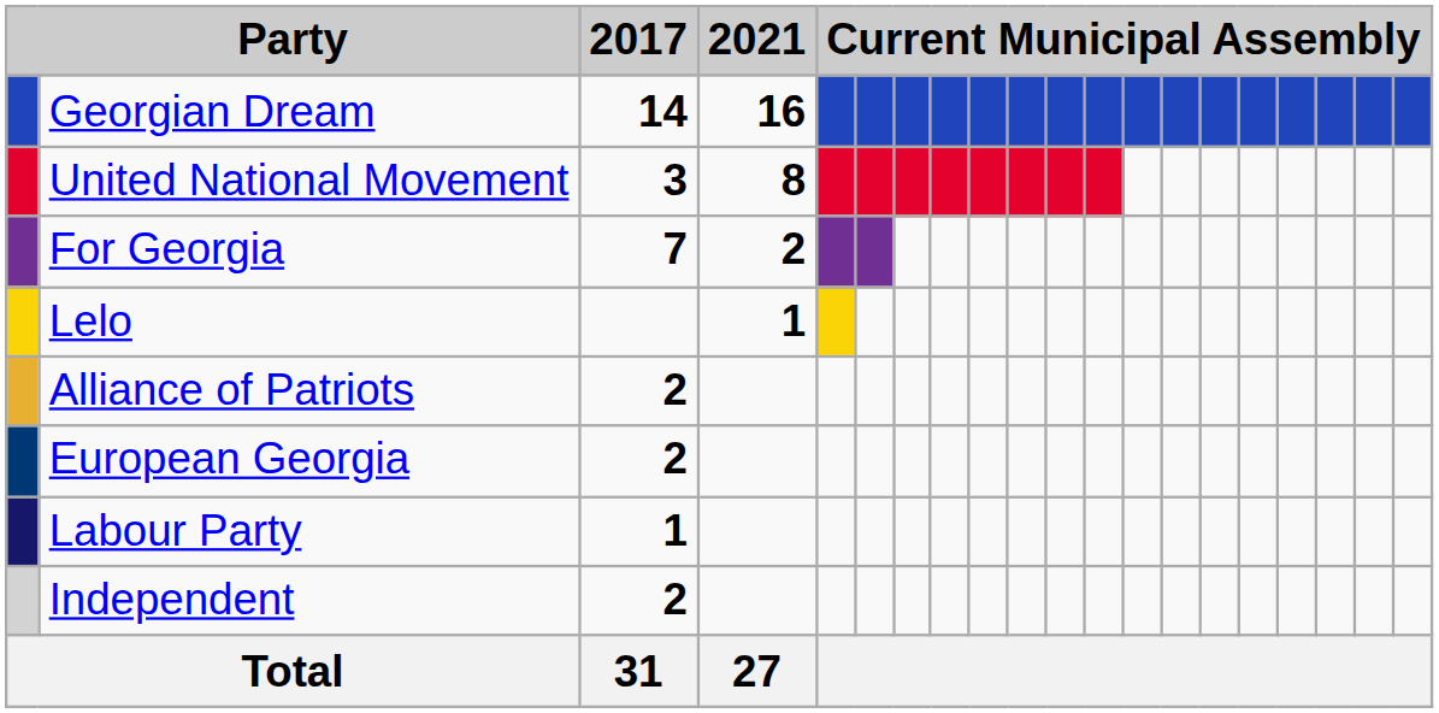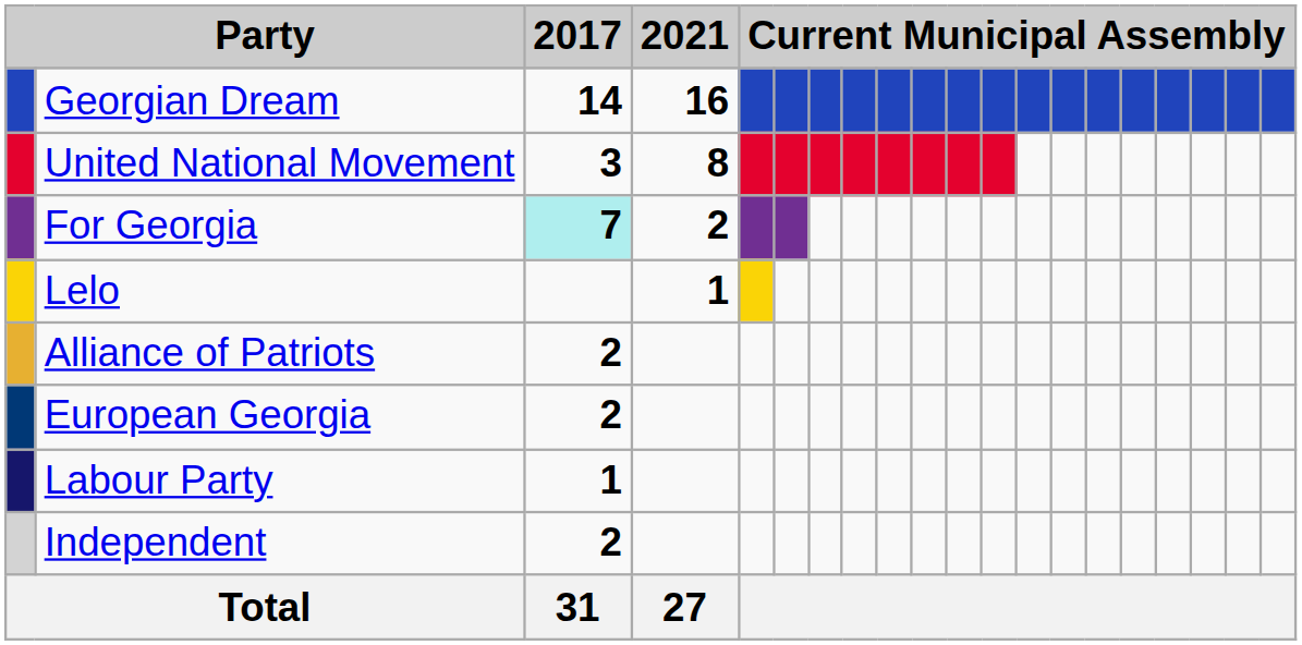 <table class="wikitable">
 <tr>
 <th colspan="2" style="background:#ccc">Party</th>
 <th style="background:#ccc">2017</th>
 <th style="background:#ccc">2021</th>
 <th colspan="19" style="background:#ccc">Current Municipal Assembly</th>
 </tr>
 <tr>
 <td style="background-color: #2044bc  "> </td>
 <td><a href='#'>Georgian Dream</a></td>
 <td style="text-align: right"><strong>14</strong></td>
 <td style="text-align: right"><strong>16</strong></td>
 <td style="background-color: #2044bc "></td>
 <td style="background-color: #2044bc "> </td>
 <td style="background-color: #2044bc "> </td>
 <td style="background-color: #2044bc "> </td>
 <td style="background-color: #2044bc "> </td>
 <td style="background-color: #2044bc "> </td>
 <td style="background-color: #2044bc "> </td>
 <td style="background-color: #2044bc "> </td>
 <td style="background-color: #2044bc "> </td>
 <td style="background-color: #2044bc "> </td>
 <td style="background-color: #2044bc "> </td>
 <td style="background-color: #2044bc "> </td>
 <td style="background-color: #2044bc "> </td>
 <td style="background-color: #2044bc "> </td>
 <td style="background-color: #2044bc "> </td>
 <td style="background-color: #2044bc "> </td>
 </tr>
 <tr>
 <td style="background-color: #e4012e  "> </td>
 <td><a href='#'>United National Movement</a></td>
 <td style="text-align: right"><strong>3</strong></td>
 <td style="text-align: right"><strong>8</strong></td>
 <td style="background-color: #e4012e "> </td>
 <td style="background-color: #e4012e "> </td>
 <td style="background-color: #e4012e "> </td>
 <td style="background-color: #e4012e "> </td>
 <td style="background-color: #e4012e "> </td>
 <td style="background-color: #e4012e "> </td>
 <td style="background-color: #e4012e "> </td>
 <td style="background-color: #e4012e "> </td>
 <td></td>
 <td></td>
 <td></td>
 <td></td>
 <td></td>
 <td></td>
 <td></td>
 <td></td>
 </tr>
 <tr>
 <td style="background-color: #702F92  "> </td>
 <td><a href='#'>For Georgia</a></td>
-<td style="text-align: right"><strong>7</strong></td>
+<td style="background: paleturquoise; text-align: right"><strong>7</strong></td>
 <td style="text-align: right"><strong>2</strong></td>
 <td style="background-color: #702f92 "> </td>
 <td style="background-color: #702f92 "> </td>
 <td></td>
 <td></td>
 <td></td>
 <td></td>
 <td></td>
 <td></td>
 <td></td>
 <td></td>
 <td></td>
 <td></td>
 <td></td>
 <td></td>
 <td></td>
 <td></td>
 </tr>
 <tr>
 <td style="background-color: #fad406 "> </td>
 <td><a href='#'>Lelo</a></td>
 <td></td>
 <td style="text-align: right"><strong>1</strong></td>
 <td style="background-color: #fad406 "> </td>
 <td></td>
 <td></td>
 <td></td>
 <td></td>
 <td></td>
 <td></td>
 <td></td>
 <td></td>
 <td></td>
 <td></td>
 <td></td>
 <td></td>
 <td></td>
 <td></td>
 <td></td>
 </tr>
 <tr>
 <td style="background-color: #e7b031 "> </td>
 <td><a href='#'>Alliance of Patriots</a></td>
 <td style="text-align: right"><strong>2</strong></td>
 <td></td>
 <td></td>
 <td></td>
 <td></td>
 <td></td>
 <td></td>
 <td></td>
 <td></td>
 <td></td>
 <td></td>
 <td></td>
 <td></td>
 <td></td>
 <td></td>
 <td></td>
 <td></td>
 <td></td>
 </tr>
 <tr>
 <td style="background-color: #003876  "> </td>
 <td><a href='#'>European Georgia</a></td>
 <td style="text-align: right"><strong>2</strong></td>
 <td></td>
 <td></td>
 <td></td>
 <td></td>
 <td></td>
 <td></td>
 <td></td>
 <td></td>
 <td></td>
 <td></td>
 <td></td>
 <td></td>
 <td></td>
 <td></td>
 <td></td>
 <td></td>
 <td></td>
 </tr>
 <tr>
 <td style="background-color: #16166b"> </td>
 <td><a href='#'>Labour Party</a></td>
 <td style="text-align: right"><strong>1</strong></td>
 <td></td>
 <td></td>
 <td></td>
 <td></td>
 <td></td>
 <td></td>
 <td></td>
 <td></td>
 <td></td>
 <td></td>
 <td></td>
 <td></td>
 <td></td>
 <td></td>
 <td></td>
 <td></td>
 <td></td>
 </tr>
 <tr>
 <td style="background-color: lightgrey"> </td>
 <td><a href='#'>Independent</a></td>
 <td style="text-align: right"><strong>2</strong></td>
 <td></td>
 <td></td>
 <td></td>
 <td></td>
 <td></td>
 <td></td>
 <td></td>
 <td></td>
 <td></td>
 <td></td>
 <td></td>
 <td></td>
 <td></td>
 <td></td>
 <td></td>
 <td></td>
 <td></td>
 </tr>
 <tr>
 <th colspan="2">Total</th>
 <th align="right">31</th>
 <th align="right">27</th>
 <th colspan="34"> </th>
 </tr>
 </table>
